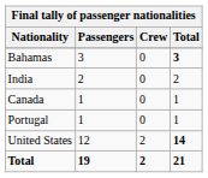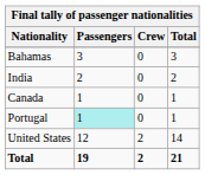 <table class="wikitable sortable" style="float:right;margin:20px;font-size:75%">
 <tr>
 <th colspan=4>Final tally of passenger nationalities</th>
 </tr>
 <tr>
 <th>Nationality</th>
 <th>Passengers</th>
 <th>Crew</th>
 <th>Total</th>
 </tr>
 <tr>
 </tr>
 <tr>
 <td>Bahamas</td>
 <td>3</td>
 <td>0</td>
-<td><strong>3</strong></td>
+<td>3</td>
 </tr>
 <tr>
 <td>India</td>
 <td>2</td>
 <td>0</td>
 <td>2</td>
 </tr>
 <tr>
 <td>Canada</td>
 <td>1</td>
 <td>0</td>
 <td>1</td>
 </tr>
 <tr>
 <td>Portugal</td>
-<td>1</td>
+<td style="background: paleturquoise;">1</td>
 <td>0</td>
 <td>1</td>
 </tr>
 <tr>
 <td>United States</td>
 <td>12</td>
 <td>2</td>
-<td><strong>14</strong></td>
+<td>14</td>
 </tr>
 <tr>
 <td><strong>Total</strong></td>
 <td><strong>19</strong></td>
 <td><strong>2</strong></td>
 <td><strong>21</strong></td>
 </tr>
 </table>
